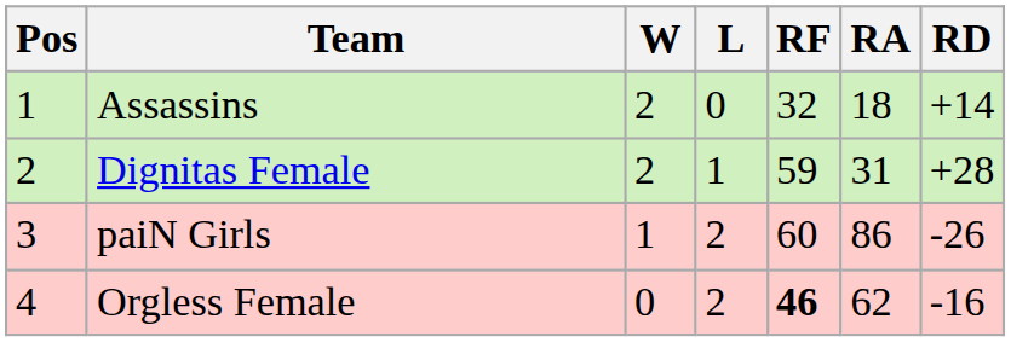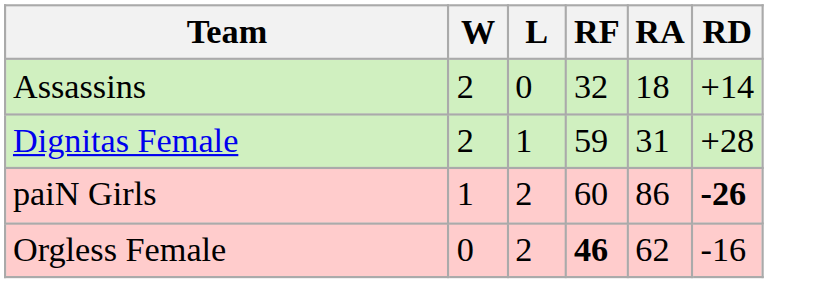 <table class="wikitable" style="display: inline-table;">
 <tr>
-<th width="20px">Pos</th>
 <th width="200px">Team</th>
 <th width="20px">W</th>
 <th width="20px">L</th>
 <th width="20px">RF</th>
 <th width="20px">RA</th>
 <th width="20px">RD</th>
 </tr>
 <tr style="background: #D0F0C0;">
-<td>1</td>
 <td>Assassins</td>
 <td>2</td>
 <td>0</td>
 <td>32</td>
 <td>18</td>
 <td>+14</td>
 </tr>
 <tr style="background: #D0F0C0;">
-<td>2</td>
 <td><a href='#'>Dignitas Female</a></td>
 <td>2</td>
 <td>1</td>
 <td>59</td>
 <td>31</td>
 <td>+28</td>
 </tr>
 <tr style="background: #FFCCCC;">
-<td>3</td>
 <td>paiN Girls</td>
 <td>1</td>
 <td>2</td>
 <td>60</td>
 <td>86</td>
-<td>-26</td>
+<td><strong>-26</strong></td>
 </tr>
 <tr style="background: #FFCCCC;">
-<td>4</td>
 <td>Orgless Female</td>
 <td>0</td>
 <td>2</td>
 <td><strong>46</strong></td>
 <td>62</td>
 <td>-16</td>
 </tr>
 </table>
